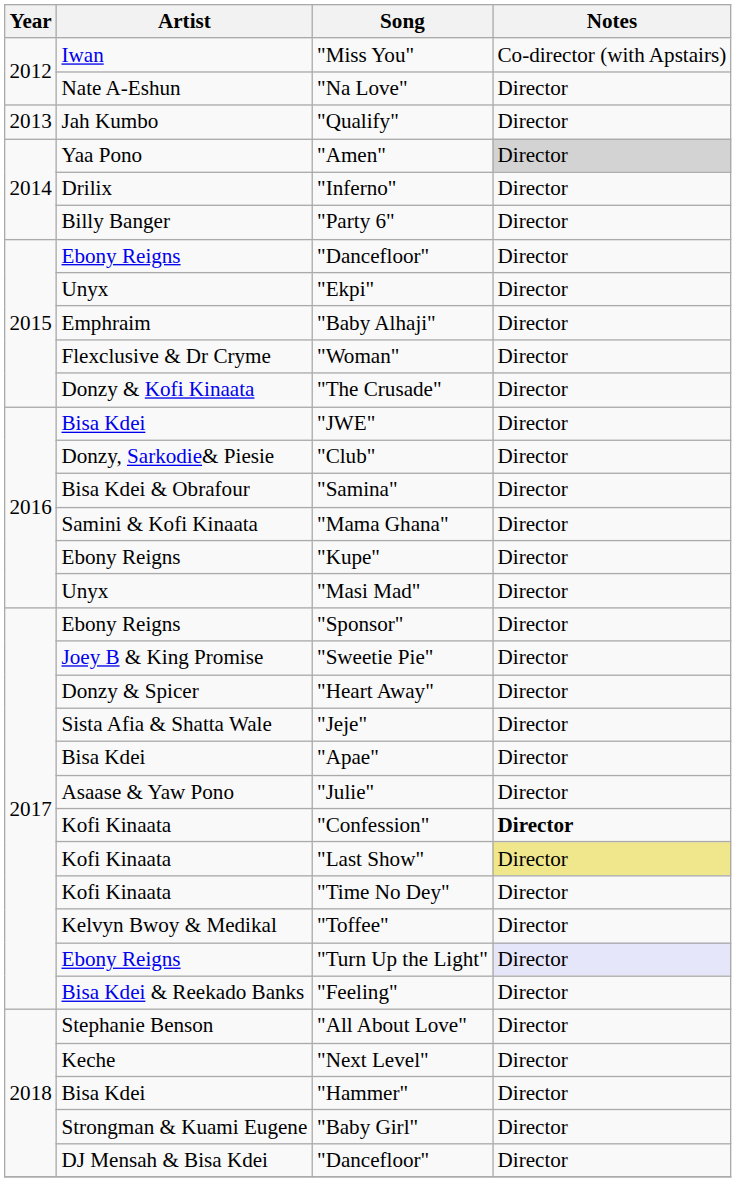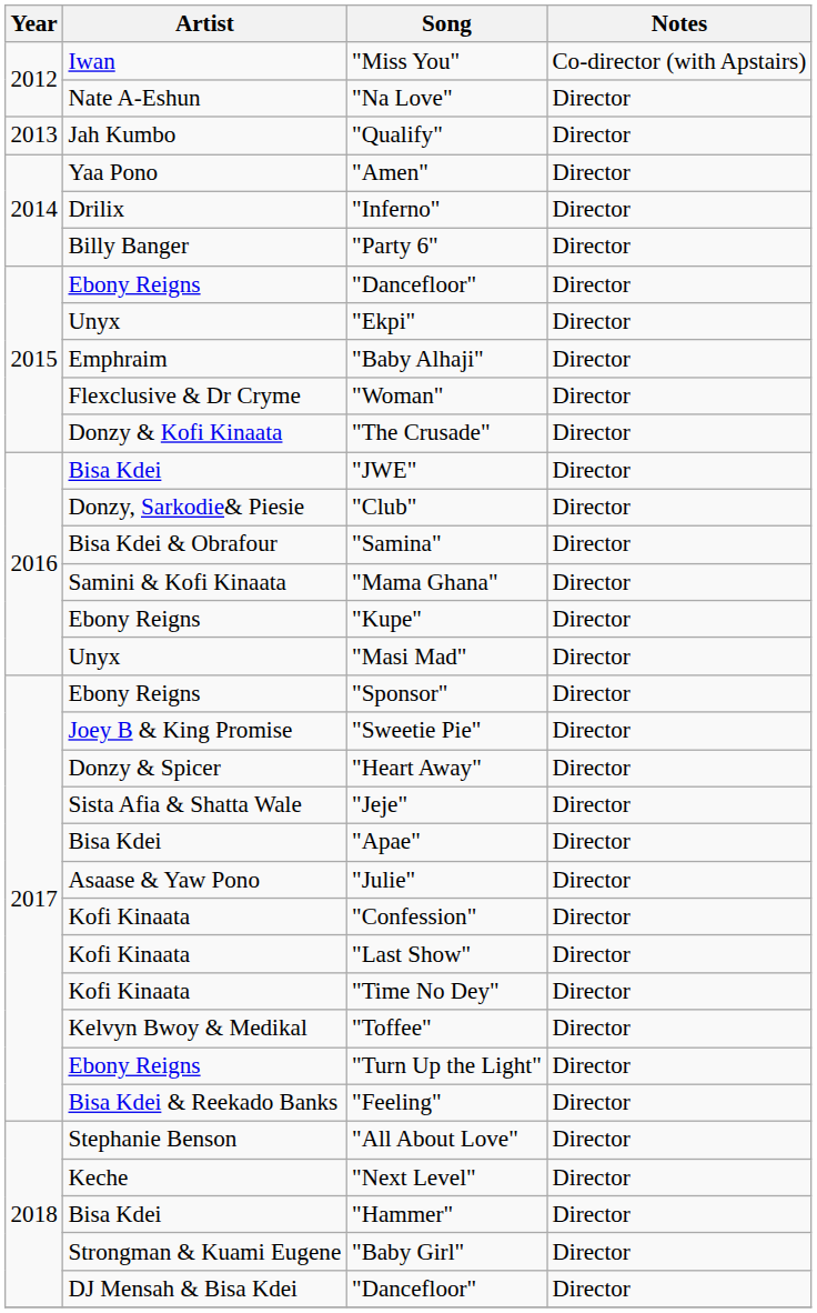 <table class="wikitable">
 <tr>
 <th>Year</th>
 <th>Artist</th>
 <th>Song</th>
 <th>Notes</th>
 </tr>
 <tr>
 <td rowspan="2">2012</td>
 <td><a href='#'>Iwan</a></td>
 <td>"Miss You"</td>
 <td>Co-director (with Apstairs)</td>
 </tr>
 <tr>
 <td>Nate A-Eshun</td>
 <td>"Na Love"</td>
 <td>Director</td>
 </tr>
 <tr>
 <td>2013</td>
 <td>Jah Kumbo</td>
 <td>"Qualify"</td>
 <td>Director</td>
 </tr>
 <tr>
 <td rowspan="3">2014</td>
 <td>Yaa Pono</td>
 <td>"Amen"</td>
-<td style="background: lightgrey;">Director</td>
+<td>Director</td>
 </tr>
 <tr>
 <td>Drilix</td>
 <td>"Inferno"</td>
 <td>Director</td>
 </tr>
 <tr>
 <td>Billy Banger</td>
 <td>"Party 6"</td>
 <td>Director</td>
 </tr>
 <tr>
 <td rowspan="5">2015</td>
 <td><a href='#'>Ebony Reigns</a></td>
 <td>"Dancefloor"</td>
 <td>Director</td>
 </tr>
 <tr>
 <td>Unyx</td>
 <td>"Ekpi"</td>
 <td>Director</td>
 </tr>
 <tr>
 <td>Emphraim</td>
 <td>"Baby Alhaji"</td>
 <td>Director</td>
 </tr>
 <tr>
 <td>Flexclusive & Dr Cryme</td>
 <td>"Woman"</td>
 <td>Director</td>
 </tr>
 <tr>
 <td>Donzy & <a href='#'>Kofi Kinaata</a></td>
 <td>"The Crusade"</td>
 <td>Director</td>
 </tr>
 <tr>
 <td rowspan="6">2016</td>
 <td><a href='#'>Bisa Kdei </a></td>
 <td>"JWE"</td>
 <td>Director</td>
 </tr>
 <tr>
 <td>Donzy, <a href='#'>Sarkodie</a>& Piesie</td>
 <td>"Club"</td>
 <td>Director</td>
 </tr>
 <tr>
 <td>Bisa Kdei & Obrafour</td>
 <td>"Samina"</td>
 <td>Director</td>
 </tr>
 <tr>
 <td>Samini & Kofi Kinaata</td>
 <td>"Mama Ghana"</td>
 <td>Director</td>
 </tr>
 <tr>
 <td>Ebony Reigns</td>
 <td>"Kupe"</td>
 <td>Director</td>
 </tr>
 <tr>
 <td>Unyx</td>
 <td>"Masi Mad"</td>
 <td>Director</td>
 </tr>
 <tr>
 <td rowspan="12">2017</td>
 <td>Ebony Reigns</td>
 <td>"Sponsor"</td>
 <td>Director</td>
 </tr>
 <tr>
 <td><a href='#'>Joey B</a> & King Promise</td>
 <td>"Sweetie Pie"</td>
 <td>Director</td>
 </tr>
 <tr>
 <td>Donzy & Spicer</td>
 <td>"Heart Away"</td>
 <td>Director</td>
 </tr>
 <tr>
 <td>Sista Afia & Shatta Wale</td>
 <td>"Jeje"</td>
 <td>Director</td>
 </tr>
 <tr>
 <td>Bisa Kdei</td>
 <td>"Apae"</td>
 <td>Director</td>
 </tr>
 <tr>
 <td>Asaase & Yaw Pono</td>
 <td>"Julie"</td>
 <td>Director</td>
 </tr>
 <tr>
 <td>Kofi Kinaata</td>
 <td>"Confession"</td>
-<td><strong>Director</strong></td>
+<td>Director</td>
 </tr>
 <tr>
 <td>Kofi Kinaata</td>
 <td>"Last Show"</td>
-<td style="background: khaki;">Director</td>
+<td>Director</td>
 </tr>
 <tr>
 <td>Kofi Kinaata</td>
 <td>"Time No Dey"</td>
 <td>Director</td>
 </tr>
 <tr>
 <td>Kelvyn Bwoy & Medikal</td>
 <td>"Toffee"</td>
 <td>Director</td>
 </tr>
 <tr>
 <td><a href='#'>Ebony Reigns</a></td>
 <td>"Turn Up the Light"</td>
-<td style="background: lavender;">Director</td>
+<td>Director</td>
 </tr>
 <tr>
 <td><a href='#'>Bisa Kdei</a> & Reekado Banks</td>
 <td>"Feeling"</td>
 <td>Director</td>
 </tr>
 <tr>
 <td rowspan="5">2018</td>
 <td>Stephanie Benson</td>
 <td>"All About Love"</td>
 <td>Director</td>
 </tr>
 <tr>
 <td>Keche</td>
 <td>"Next Level"</td>
 <td>Director</td>
 </tr>
 <tr>
 <td>Bisa Kdei</td>
 <td>"Hammer"</td>
 <td>Director</td>
 </tr>
 <tr>
 <td>Strongman & Kuami Eugene</td>
 <td>"Baby Girl"</td>
 <td>Director</td>
 </tr>
 <tr>
 <td>DJ Mensah & Bisa Kdei</td>
 <td>"Dancefloor"</td>
 <td>Director</td>
 </tr>
 <tr>
 </tr>
 </table>
